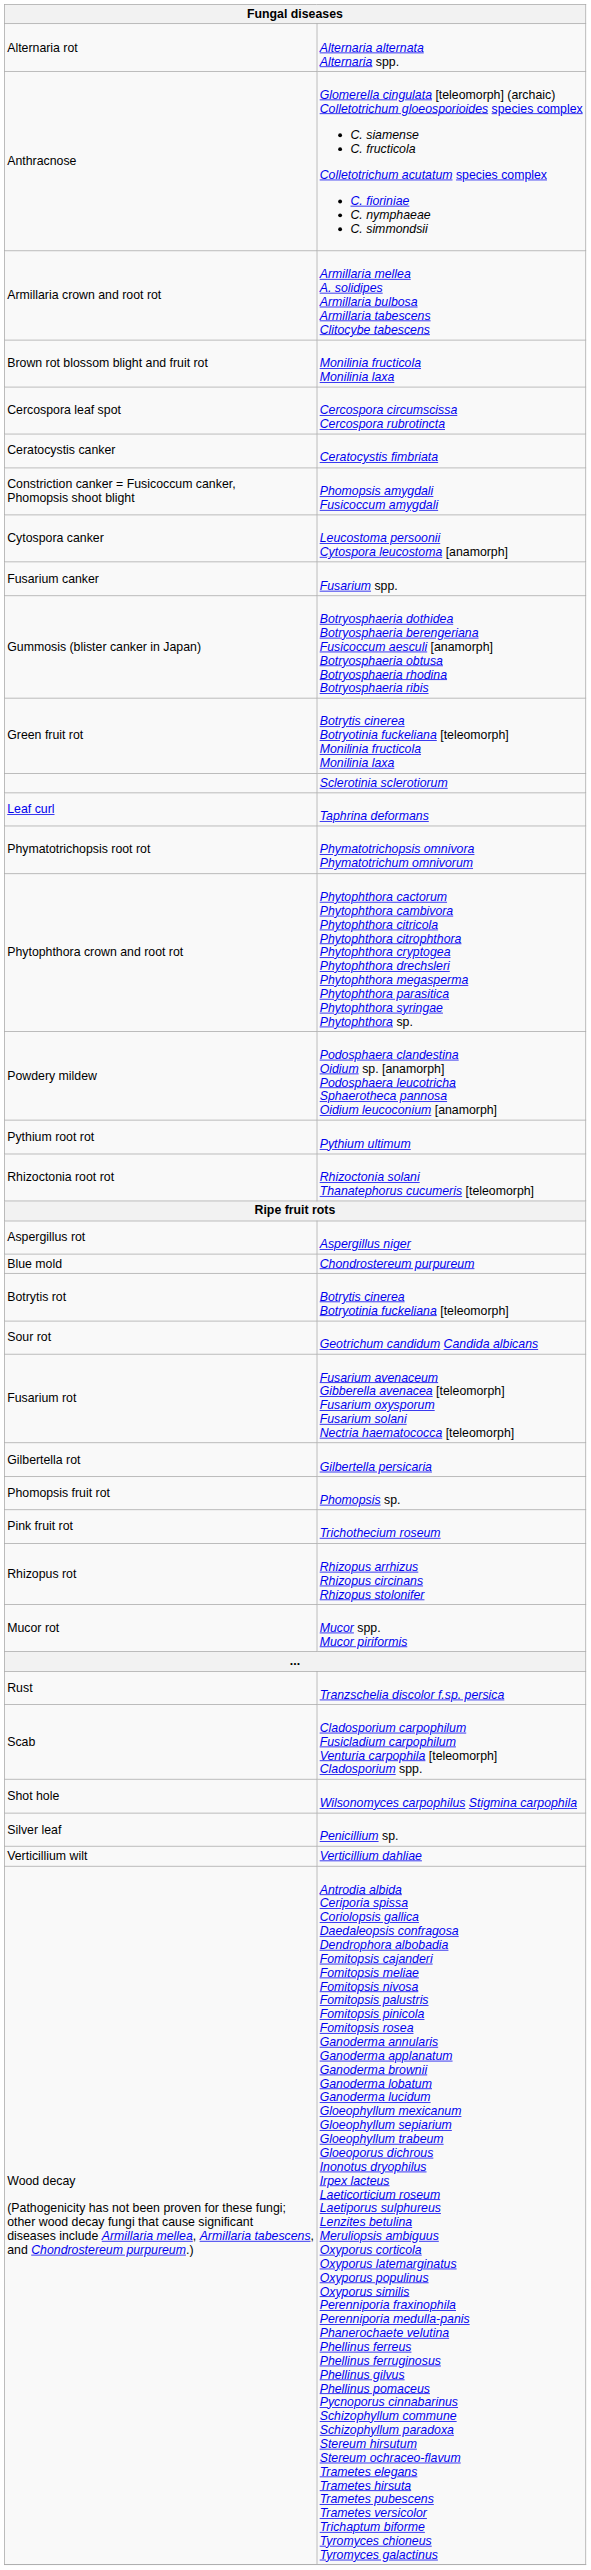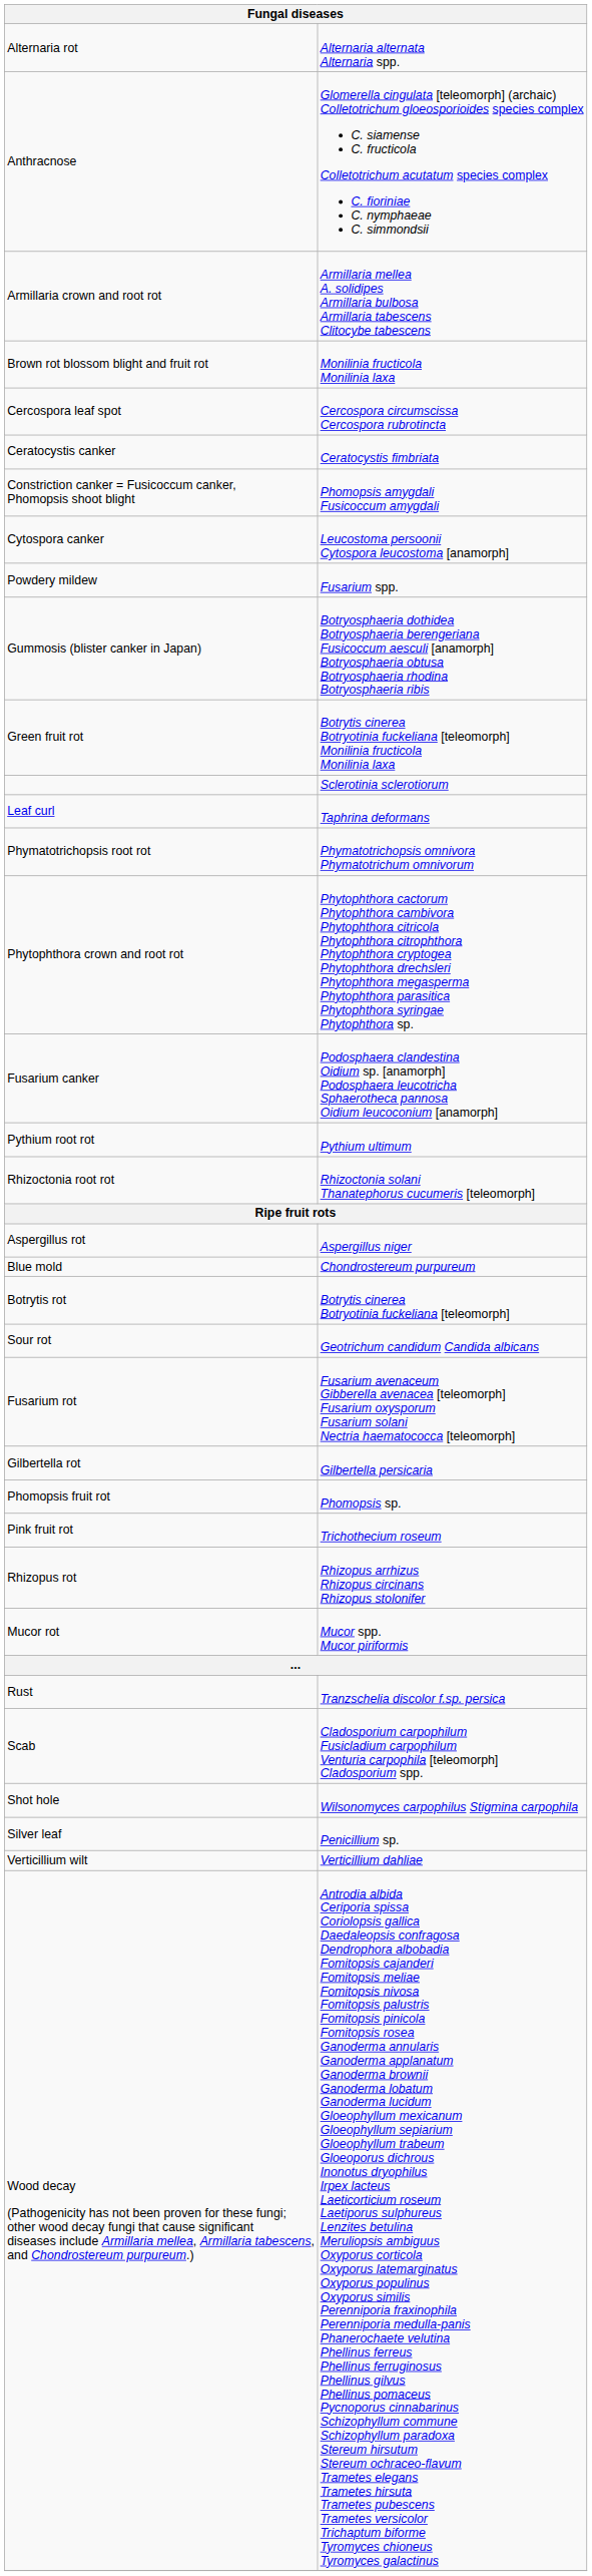 <table class="wikitable" style="clear">
 <tr>
 <th colspan=2><strong>Fungal diseases</strong><br></th>
 </tr>
 <tr>
 <td>Alternaria rot</td>
 <td><br><em><a href='#'>Alternaria alternata</a></em><br> <em><a href='#'>Alternaria</a></em> spp.</td>
 </tr>
 <tr>
 <td>Anthracnose</td>
 <td><br><em><a href='#'>Glomerella cingulata</a></em> [teleomorph] (archaic)<br><em><a href='#'>Colletotrichum gloeosporioides</a></em> <a href='#'>species complex</a><ul><li><em>C. siamense</em></li><li><em>C. fructicola</em></li></ul><em><a href='#'>Colletotrichum acutatum</a></em> <a href='#'>species complex</a><ul><li><em><a href='#'>C. fioriniae</a></em></li><li><em>C. nymphaeae</em></li><li><em>C. simmondsii</em></li></ul></td>
 </tr>
 <tr>
 <td>Armillaria crown and root rot</td>
 <td><br><em><a href='#'>Armillaria mellea</a></em><br> <em><a href='#'>A. solidipes</a></em><br> <em><a href='#'>Armillaria bulbosa</a></em><br> <em><a href='#'>Armillaria tabescens</a></em><br>  <em><a href='#'>Clitocybe tabescens</a></em></td>
 </tr>
 <tr>
 <td>Brown rot blossom blight and fruit rot</td>
 <td><br><em><a href='#'>Monilinia fructicola</a></em><br> <em><a href='#'>Monilinia laxa</a></em></td>
 </tr>
 <tr>
 <td>Cercospora leaf spot</td>
 <td><br><em><a href='#'>Cercospora circumscissa</a></em><br> <em><a href='#'>Cercospora rubrotincta</a></em></td>
 </tr>
 <tr>
 <td>Ceratocystis canker</td>
 <td><br><em><a href='#'>Ceratocystis fimbriata</a></em></td>
 </tr>
 <tr>
 <td>Constriction canker = Fusicoccum canker,<br>Phomopsis shoot blight</td>
 <td><br><em><a href='#'>Phomopsis amygdali</a></em><br>  <em><a href='#'>Fusicoccum amygdali</a></em></td>
 </tr>
 <tr>
 <td>Cytospora canker</td>
 <td><br><em><a href='#'>Leucostoma persoonii</a></em><br> <em><a href='#'>Cytospora leucostoma</a></em> [anamorph]</td>
 </tr>
 <tr>
-<td>Fusarium canker</td>
+<td>Powdery mildew</td>
 <td><br><em><a href='#'>Fusarium</a></em> spp.</td>
 </tr>
 <tr>
 <td>Gummosis (blister canker in Japan)</td>
 <td><br><em><a href='#'>Botryosphaeria dothidea</a></em> <br>  <em><a href='#'>Botryosphaeria berengeriana</a></em><br> <em><a href='#'>Fusicoccum aesculi</a></em> [anamorph] <br> <em><a href='#'>Botryosphaeria obtusa</a></em><br> <em><a href='#'>Botryosphaeria rhodina</a></em><br> <em><a href='#'>Botryosphaeria ribis</a></em></td>
 </tr>
 <tr>
 <td>Green fruit rot</td>
 <td><br><em><a href='#'>Botrytis cinerea</a></em><br> <em><a href='#'>Botryotinia fuckeliana</a></em> [teleomorph] <br> <em><a href='#'>Monilinia fructicola</a></em><br> <em><a href='#'>Monilinia laxa</a></em></td>
 </tr>
 <tr>
 <td></td>
 <td><em><a href='#'>Sclerotinia sclerotiorum</a></em></td>
 </tr>
 <tr>
 <td><a href='#'>Leaf curl</a></td>
 <td><br><em><a href='#'>Taphrina deformans</a></em></td>
 </tr>
 <tr>
 <td>Phymatotrichopsis root rot</td>
 <td><br><em><a href='#'>Phymatotrichopsis omnivora</a></em> <br>  <em><a href='#'>Phymatotrichum omnivorum</a></em></td>
 </tr>
 <tr>
 <td>Phytophthora crown and root rot</td>
 <td><br><em><a href='#'>Phytophthora cactorum</a></em><br> <em><a href='#'>Phytophthora cambivora</a></em><br> <em><a href='#'>Phytophthora citricola</a></em><br> <em><a href='#'>Phytophthora citrophthora</a></em><br> <em><a href='#'>Phytophthora cryptogea</a></em><br> <em><a href='#'>Phytophthora drechsleri</a></em><br> <em><a href='#'>Phytophthora megasperma</a></em><br> <em><a href='#'>Phytophthora parasitica</a></em><br> <em><a href='#'>Phytophthora syringae</a></em><br> <em><a href='#'>Phytophthora</a></em> sp.</td>
 </tr>
 <tr>
-<td>Powdery mildew</td>
+<td>Fusarium canker</td>
 <td><br><em><a href='#'>Podosphaera clandestina</a></em><br> <em><a href='#'>Oidium</a></em> sp. [anamorph] <br> <em><a href='#'>Podosphaera leucotricha</a></em><br> <em><a href='#'>Sphaerotheca pannosa</a></em><br> <em><a href='#'>Oidium leucoconium</a></em> [anamorph]</td>
 </tr>
 <tr>
 <td>Pythium root rot</td>
 <td><br><em><a href='#'>Pythium ultimum</a></em></td>
 </tr>
 <tr>
 <td>Rhizoctonia root rot</td>
 <td><br><em><a href='#'>Rhizoctonia solani</a></em><br> <em><a href='#'>Thanatephorus cucumeris</a></em> [teleomorph]</td>
 </tr>
 <tr>
 <th colspan=2>Ripe fruit rots</th>
 </tr>
 <tr>
 <td>Aspergillus rot</td>
 <td><br><em><a href='#'>Aspergillus niger</a></em></td>
 </tr>
 <tr>
 <td>Blue mold</td>
 <td><em><a href='#'>Chondrostereum purpureum</a></em></td>
 </tr>
 <tr>
 <td>Botrytis rot</td>
 <td><br><em><a href='#'>Botrytis cinerea</a></em><br> <em><a href='#'>Botryotinia fuckeliana</a></em> [teleomorph]</td>
 </tr>
 <tr>
 <td>Sour rot</td>
 <td><br><em><a href='#'>Geotrichum candidum</a></em> <em><a href='#'>Candida albicans</a></em></td>
 </tr>
 <tr>
 <td>Fusarium rot</td>
 <td><br><em><a href='#'>Fusarium avenaceum</a></em><br> <em><a href='#'>Gibberella avenacea</a></em> [teleomorph] <br> <em><a href='#'>Fusarium oxysporum</a></em><br> <em><a href='#'>Fusarium solani</a></em><br> <em><a href='#'>Nectria haematococca</a></em> [teleomorph]</td>
 </tr>
 <tr>
 <td>Gilbertella rot</td>
 <td><br><em><a href='#'>Gilbertella persicaria</a></em></td>
 </tr>
 <tr>
 <td>Phomopsis fruit rot</td>
 <td><br><em><a href='#'>Phomopsis</a></em> sp.</td>
 </tr>
 <tr>
 <td>Pink fruit rot</td>
 <td><br><em><a href='#'>Trichothecium roseum</a></em></td>
 </tr>
 <tr>
 <td>Rhizopus rot</td>
 <td><br><em><a href='#'>Rhizopus arrhizus</a></em><br> <em><a href='#'>Rhizopus circinans</a></em><br> <em><a href='#'>Rhizopus stolonifer</a></em></td>
 </tr>
 <tr>
 <td>Mucor rot</td>
 <td><br><em><a href='#'>Mucor</a></em> spp. <br> <em><a href='#'>Mucor piriformis</a></em></td>
 </tr>
 <tr>
 <th colspan=2>...</th>
 </tr>
 <tr>
 <td>Rust</td>
 <td><br><em><a href='#'>Tranzschelia discolor f.sp. persica</a></em></td>
 </tr>
 <tr>
 <td>Scab</td>
 <td><br><em><a href='#'>Cladosporium carpophilum</a></em> <br>  <em><a href='#'>Fusicladium carpophilum</a></em><br> <em><a href='#'>Venturia carpophila</a></em> [teleomorph] <br> <em><a href='#'>Cladosporium</a></em> spp.</td>
 </tr>
 <tr>
 <td>Shot hole</td>
 <td><br><em><a href='#'>Wilsonomyces carpophilus</a></em>   <em><a href='#'>Stigmina carpophila</a></em></td>
 </tr>
 <tr>
 <td>Silver leaf</td>
 <td><br><em><a href='#'>Penicillium</a></em> sp.</td>
 </tr>
 <tr>
 <td>Verticillium wilt</td>
 <td><em><a href='#'>Verticillium dahliae</a></em></td>
 </tr>
 <tr>
 <td>Wood decay<br><br>(Pathogenicity has not been proven for these fungi;<br> other wood decay fungi that cause significant<br> diseases include <em><a href='#'>Armillaria mellea</a></em>, <em><a href='#'>Armillaria tabescens</a></em>,<br> and <em><a href='#'>Chondrostereum purpureum</a></em>.)</td>
 <td><br><em><a href='#'>Antrodia albida</a></em><br> <em><a href='#'>Ceriporia spissa</a></em><br> <em><a href='#'>Coriolopsis gallica</a></em><br> <em><a href='#'>Daedaleopsis confragosa</a></em><br> <em><a href='#'>Dendrophora albobadia</a></em><br> <em><a href='#'>Fomitopsis cajanderi</a></em><br> <em><a href='#'>Fomitopsis meliae</a></em><br> <em><a href='#'>Fomitopsis nivosa</a></em><br> <em><a href='#'>Fomitopsis palustris</a></em><br> <em><a href='#'>Fomitopsis pinicola</a></em><br> <em><a href='#'>Fomitopsis rosea</a></em><br> <em><a href='#'>Ganoderma annularis</a></em><br> <em><a href='#'>Ganoderma applanatum</a></em><br> <em><a href='#'>Ganoderma brownii</a></em><br> <em><a href='#'>Ganoderma lobatum</a></em><br> <em><a href='#'>Ganoderma lucidum</a></em><br> <em><a href='#'>Gloeophyllum mexicanum</a></em><br> <em><a href='#'>Gloeophyllum sepiarium</a></em><br> <em><a href='#'>Gloeophyllum trabeum</a></em><br> <em><a href='#'>Gloeoporus dichrous</a></em><br> <em><a href='#'>Inonotus dryophilus</a></em><br> <em><a href='#'>Irpex lacteus</a></em><br> <em><a href='#'>Laeticorticium roseum</a></em><br> <em><a href='#'>Laetiporus sulphureus</a></em><br> <em><a href='#'>Lenzites betulina</a></em><br> <em><a href='#'>Meruliopsis ambiguus</a></em><br> <em><a href='#'>Oxyporus corticola</a></em><br> <em><a href='#'>Oxyporus latemarginatus</a></em><br> <em><a href='#'>Oxyporus populinus</a></em><br> <em><a href='#'>Oxyporus similis</a></em><br> <em><a href='#'>Perenniporia fraxinophila</a></em><br> <em><a href='#'>Perenniporia medulla-panis</a></em><br> <em><a href='#'>Phanerochaete velutina</a></em><br> <em><a href='#'>Phellinus ferreus</a></em><br> <em><a href='#'>Phellinus ferruginosus</a></em><br> <em><a href='#'>Phellinus gilvus</a></em><br> <em><a href='#'>Phellinus pomaceus</a></em><br> <em><a href='#'>Pycnoporus cinnabarinus</a></em><br> <em><a href='#'>Schizophyllum commune</a></em><br> <em><a href='#'>Schizophyllum paradoxa</a></em><br> <em><a href='#'>Stereum hirsutum</a></em><br> <em><a href='#'>Stereum ochraceo-flavum</a></em><br> <em><a href='#'>Trametes elegans</a></em><br> <em><a href='#'>Trametes hirsuta</a></em><br> <em><a href='#'>Trametes pubescens</a></em><br> <em><a href='#'>Trametes versicolor</a></em><br> <em><a href='#'>Trichaptum biforme</a></em><br> <em><a href='#'>Tyromyces chioneus</a></em><br> <em><a href='#'>Tyromyces galactinus</a></em></td>
 </tr>
 <tr>
 </tr>
 </table>
